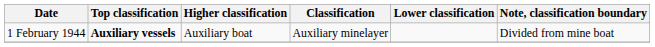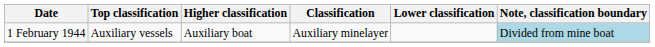 <table class="wikitable">
 <tr>
 <th>Date</th>
 <th>Top classification</th>
 <th>Higher classification</th>
 <th>Classification</th>
 <th>Lower classification</th>
 <th>Note, classification boundary</th>
 </tr>
 <tr>
 <td>1 February 1944</td>
-<td><strong>Auxiliary vessels</strong></td>
+<td>Auxiliary vessels</td>
 <td>Auxiliary boat</td>
 <td>Auxiliary minelayer</td>
 <td></td>
-<td>Divided from mine boat</td>
+<td style="background: lightblue;">Divided from mine boat</td>
 </tr>
 <tr>
 </tr>
 </table>
